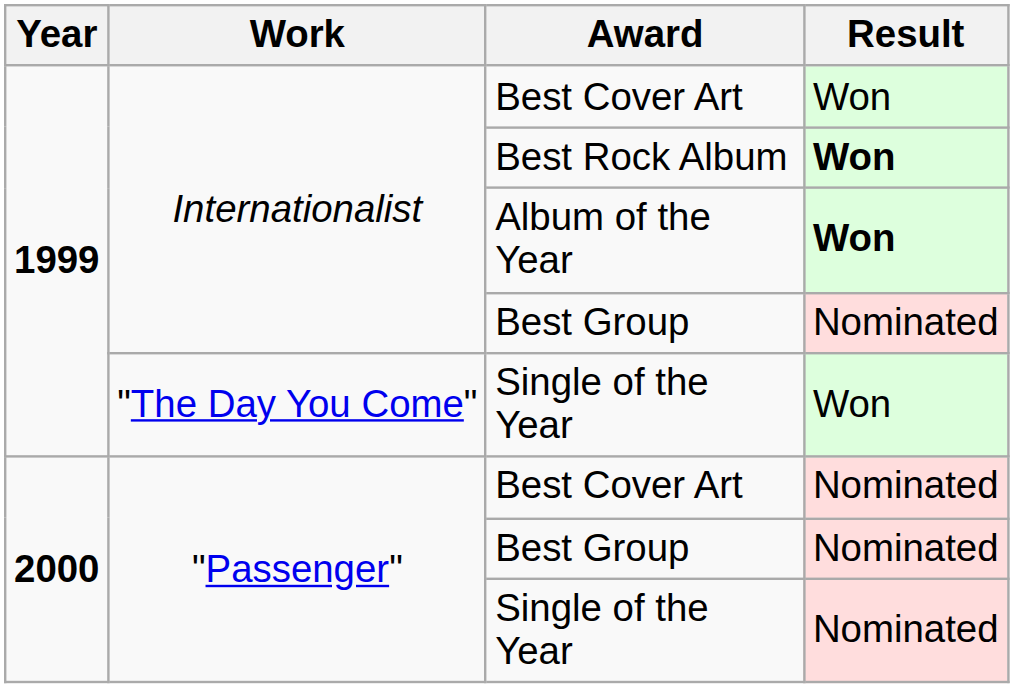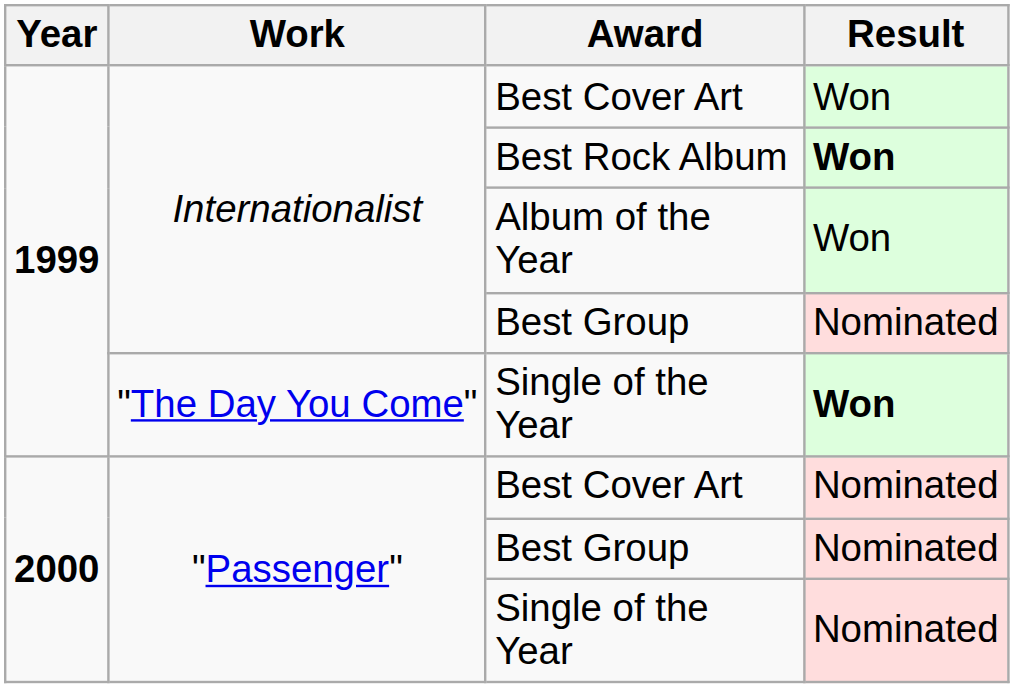 <table class="wikitable">
 <tr>
 <th align="center">Year</th>
 <th align="center">Work</th>
 <th align="center" width="125">Award</th>
 <th align="center">Result</th>
 </tr>
 <tr>
 <td rowspan="5"><strong>1999</strong></td>
 <td rowspan="4" align="center"><em>Internationalist</em></td>
 <td>Best Cover Art</td>
 <td style="background: #ddffdd">Won</td>
 </tr>
 <tr>
 <td>Best Rock Album</td>
 <td style="background: #ddffdd"><strong>Won</strong></td>
 </tr>
 <tr>
 <td>Album of the Year</td>
-<td style="background: #ddffdd"><strong>Won</strong></td>
+<td style="background: #ddffdd">Won</td>
 </tr>
 <tr>
 <td>Best Group</td>
 <td style="background: #ffdddd">Nominated</td>
 </tr>
 <tr>
 <td align="center">"<a href='#'>The Day You Come</a>"</td>
 <td>Single of the Year</td>
-<td style="background: #ddffdd">Won</td>
+<td style="background: #ddffdd"><strong>Won</strong></td>
 </tr>
 <tr>
 <td rowspan="3"><strong>2000</strong></td>
 <td rowspan="3" align="center">"<a href='#'>Passenger</a>"</td>
 <td>Best Cover Art</td>
 <td style="background: #ffdddd">Nominated</td>
 </tr>
 <tr>
 <td>Best Group</td>
 <td style="background: #ffdddd">Nominated</td>
 </tr>
 <tr>
 <td>Single of the Year</td>
 <td style="background: #ffdddd">Nominated</td>
 </tr>
 </table>
